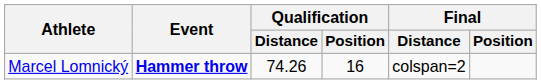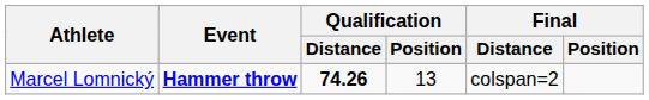 <table class=wikitable style="font-size:90%">
 <tr>
 <th rowspan="2">Athlete</th>
 <th rowspan="2">Event</th>
 <th colspan="2">Qualification</th>
 <th colspan="2">Final</th>
 </tr>
 <tr style="font-size:95%">
 <th>Distance</th>
 <th>Position</th>
 <th>Distance</th>
 <th>Position</th>
 </tr>
 <tr style=text-align:center>
 <td style=text-align:left><a href='#'>Marcel Lomnický</a></td>
 <td style=text-align:left><strong><a href='#'>Hammer throw</a></strong></td>
-<td>74.26</td>
-<td>16</td>
+<td><strong>74.26</strong></td>
+<td>13</td>
 <td>colspan=2 </td>
 </tr>
 </table>
